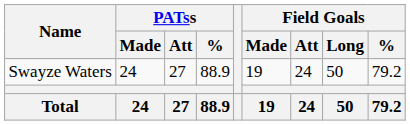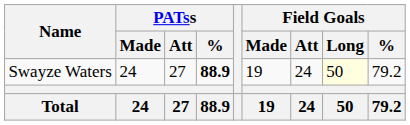 <table class="wikitable" style="white-space:nowrap;" style="text-align:center;">
 <tr>
 <th rowspan=2>Name</th>
 <th colspan=3><a href='#'>PATs</a>s</th>
 <th rowspan=4></th>
 <th colspan=4>Field Goals</th>
 </tr>
 <tr>
 <th>Made</th>
 <th>Att</th>
 <th>%</th>
 <th>Made</th>
 <th>Att</th>
 <th>Long</th>
 <th>%</th>
 </tr>
 <tr>
 <td align=left>Swayze Waters</td>
 <td>24</td>
 <td>27</td>
-<td>88.9</td>
+<td><strong>88.9</strong></td>
 <td>19</td>
 <td>24</td>
-<td>50</td>
+<td style="background: lightyellow;">50</td>
 <td>79.2</td>
 </tr>
 <tr>
 <th colspan=9></th>
 </tr>
 <tr>
 <th>Total</th>
 <th>24</th>
 <th>27</th>
 <th>88.9</th>
 <th></th>
 <th>19</th>
 <th>24</th>
 <th>50</th>
 <th>79.2</th>
 </tr>
 </table>
